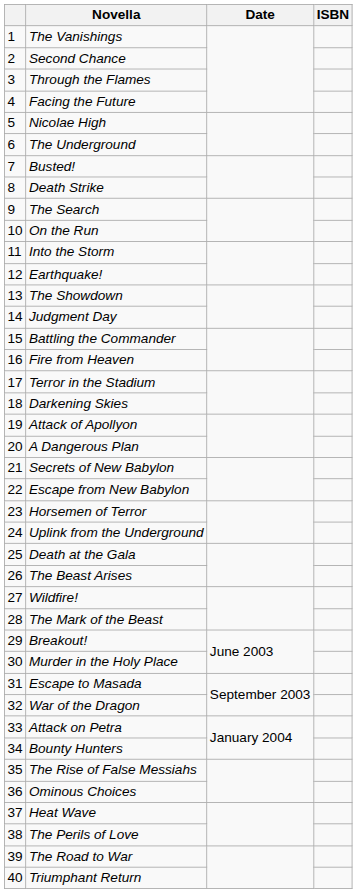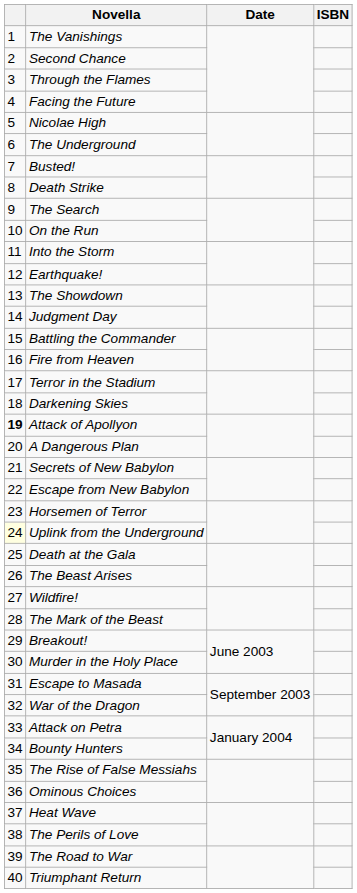 <table class="wikitable" border="1">
 <tr>
 <th></th>
 <th>Novella</th>
 <th>Date</th>
 <th>ISBN</th>
 </tr>
 <tr>
 <td>1</td>
 <td><em>The Vanishings</em></td>
 <td rowspan="4"></td>
 <td></td>
 </tr>
 <tr>
 <td>2</td>
 <td><em>Second Chance</em></td>
 <td></td>
 </tr>
 <tr>
 <td>3</td>
 <td><em>Through the Flames</em></td>
 <td></td>
 </tr>
 <tr>
 <td>4</td>
 <td><em>Facing the Future</em></td>
 <td></td>
 </tr>
 <tr>
 <td>5</td>
 <td><em>Nicolae High</em></td>
 <td rowspan="2"></td>
 <td></td>
 </tr>
 <tr>
 <td>6</td>
 <td><em>The Underground</em></td>
 <td></td>
 </tr>
 <tr>
 <td>7</td>
 <td><em>Busted!</em></td>
 <td rowspan="2"></td>
 <td></td>
 </tr>
 <tr>
 <td>8</td>
 <td><em>Death Strike</em></td>
 <td></td>
 </tr>
 <tr>
 <td>9</td>
 <td><em>The Search</em></td>
 <td rowspan="2"></td>
 <td></td>
 </tr>
 <tr>
 <td>10</td>
 <td><em>On the Run</em></td>
 <td></td>
 </tr>
 <tr>
 <td>11</td>
 <td><em>Into the Storm</em></td>
 <td rowspan="2"></td>
 <td></td>
 </tr>
 <tr>
 <td>12</td>
 <td><em>Earthquake!</em></td>
 <td></td>
 </tr>
 <tr>
 <td>13</td>
 <td><em>The Showdown</em></td>
 <td rowspan="2"></td>
 <td></td>
 </tr>
 <tr>
 <td>14</td>
 <td><em>Judgment Day</em></td>
 <td></td>
 </tr>
 <tr>
 <td>15</td>
 <td><em>Battling the Commander</em></td>
 <td rowspan="2"></td>
 <td></td>
 </tr>
 <tr>
 <td>16</td>
 <td><em>Fire from Heaven</em></td>
 <td></td>
 </tr>
 <tr>
 <td>17</td>
 <td><em>Terror in the Stadium</em></td>
 <td rowspan="2"></td>
 <td></td>
 </tr>
 <tr>
 <td>18</td>
 <td><em>Darkening Skies</em></td>
 <td></td>
 </tr>
 <tr>
-<td>19</td>
+<td><strong>19</strong></td>
 <td><em>Attack of Apollyon</em></td>
 <td rowspan="2"></td>
 <td></td>
 </tr>
 <tr>
 <td>20</td>
 <td><em>A Dangerous Plan</em></td>
 <td></td>
 </tr>
 <tr>
 <td>21</td>
 <td><em>Secrets of New Babylon</em></td>
 <td rowspan="2"></td>
 <td></td>
 </tr>
 <tr>
 <td>22</td>
 <td><em>Escape from New Babylon</em></td>
 <td></td>
 </tr>
 <tr>
 <td>23</td>
 <td><em>Horsemen of Terror</em></td>
 <td rowspan="2"></td>
 <td></td>
 </tr>
 <tr>
-<td>24</td>
+<td style="background: lightyellow;">24</td>
 <td><em>Uplink from the Underground</em></td>
 <td></td>
 </tr>
 <tr>
 <td>25</td>
 <td><em>Death at the Gala</em></td>
 <td rowspan="2"></td>
 <td></td>
 </tr>
 <tr>
 <td>26</td>
 <td><em>The Beast Arises</em></td>
 <td></td>
 </tr>
 <tr>
 <td>27</td>
 <td><em>Wildfire!</em></td>
 <td rowspan="2"></td>
 <td></td>
 </tr>
 <tr>
 <td>28</td>
 <td><em>The Mark of the Beast</em></td>
 <td></td>
 </tr>
 <tr>
 <td>29</td>
 <td><em>Breakout!</em></td>
 <td rowspan="2">June 2003</td>
 <td></td>
 </tr>
 <tr>
 <td>30</td>
 <td><em>Murder in the Holy Place</em></td>
 <td></td>
 </tr>
 <tr>
 <td>31</td>
 <td><em>Escape to Masada</em></td>
 <td rowspan="2">September 2003</td>
 <td></td>
 </tr>
 <tr>
 <td>32</td>
 <td><em>War of the Dragon</em></td>
 <td></td>
 </tr>
 <tr>
 <td>33</td>
 <td><em>Attack on Petra</em></td>
 <td rowspan="2">January 2004</td>
 <td></td>
 </tr>
 <tr>
 <td>34</td>
 <td><em>Bounty Hunters</em></td>
 <td></td>
 </tr>
 <tr>
 <td>35</td>
 <td><em>The Rise of False Messiahs</em></td>
 <td rowspan="2"></td>
 <td></td>
 </tr>
 <tr>
 <td>36</td>
 <td><em>Ominous Choices</em></td>
 <td></td>
 </tr>
 <tr>
 <td>37</td>
 <td><em>Heat Wave</em></td>
 <td rowspan="2"></td>
 <td></td>
 </tr>
 <tr>
 <td>38</td>
 <td><em>The Perils of Love</em></td>
 <td></td>
 </tr>
 <tr>
 <td>39</td>
 <td><em>The Road to War</em></td>
 <td rowspan="2"></td>
 <td></td>
 </tr>
 <tr>
 <td>40</td>
 <td><em>Triumphant Return</em></td>
 <td></td>
 </tr>
 </table>
